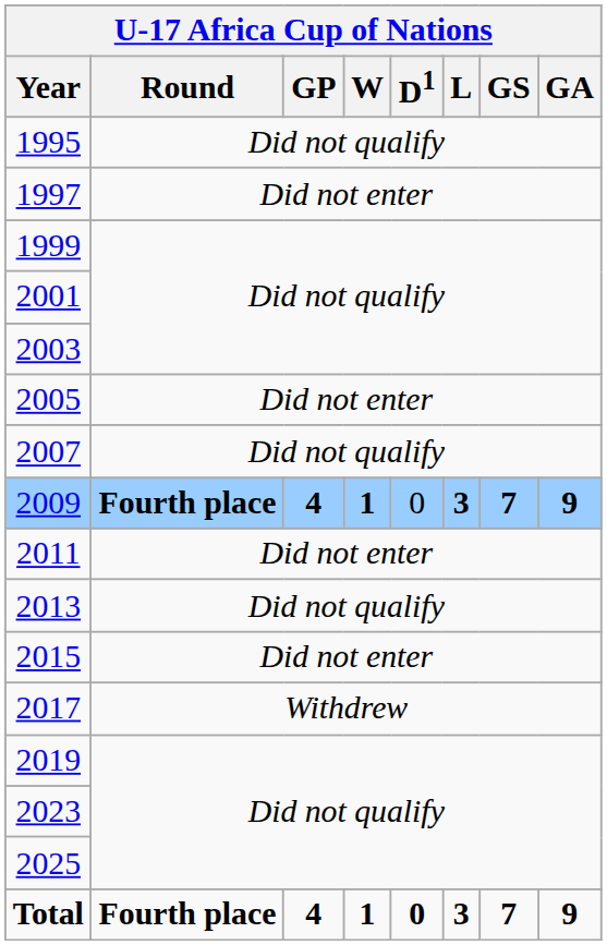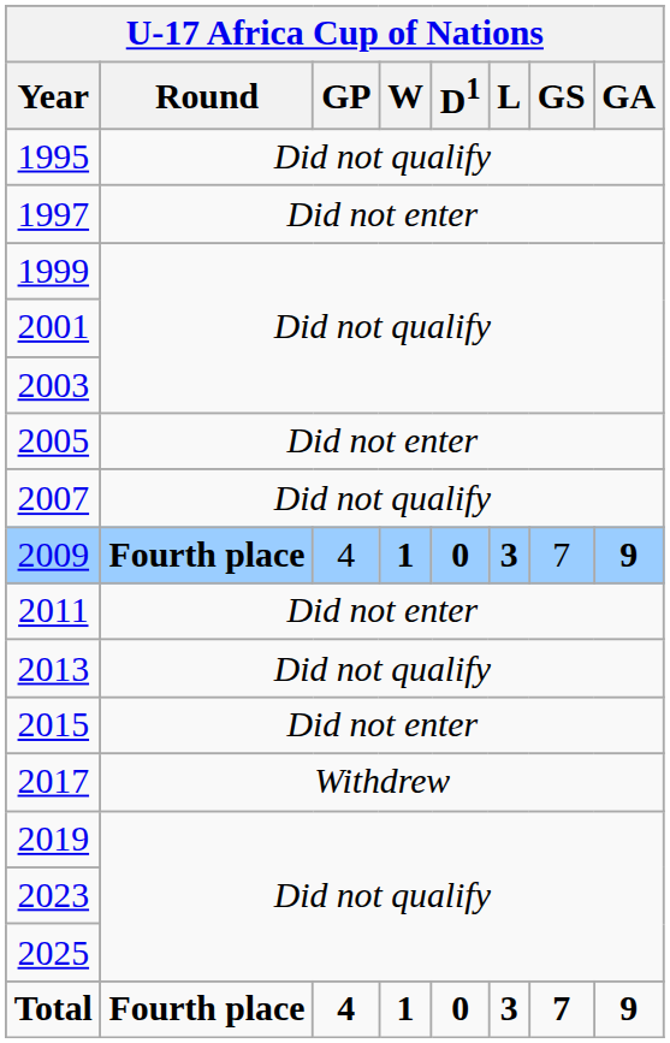 <table class="wikitable" style="text-align: center;">
 <tr>
 <th colspan=8><a href='#'>U-17 Africa Cup of Nations</a></th>
 </tr>
 <tr>
 <th>Year</th>
 <th>Round</th>
 <th>GP</th>
 <th>W</th>
 <th>D<sup>1</sup></th>
 <th>L</th>
 <th>GS</th>
 <th>GA</th>
 </tr>
 <tr>
 <td> <a href='#'>1995</a></td>
 <td colspan=7><em>Did not qualify</em></td>
 </tr>
 <tr>
 <td> <a href='#'>1997</a></td>
 <td colspan=7><em>Did not enter</em></td>
 </tr>
 <tr>
 <td> <a href='#'>1999</a></td>
 <td colspan=7 rowspan=3><em>Did not qualify</em></td>
 </tr>
 <tr>
 <td> <a href='#'>2001</a></td>
 </tr>
 <tr>
 <td> <a href='#'>2003</a></td>
 </tr>
 <tr>
 <td> <a href='#'>2005</a></td>
 <td colspan=7><em>Did not enter</em></td>
 </tr>
 <tr>
 <td> <a href='#'>2007</a></td>
 <td colspan=7><em>Did not qualify</em></td>
 </tr>
 <tr bgcolor=#9acdff>
 <td> <a href='#'>2009</a></td>
 <td><strong>Fourth place</strong></td>
-<td><strong>4</strong></td>
+<td>4</td>
 <td><strong>1</strong></td>
-<td>0</td>
+<td><strong>0</strong></td>
 <td><strong>3</strong></td>
-<td><strong>7</strong></td>
+<td>7</td>
 <td><strong>9</strong></td>
 </tr>
 <tr>
 <td> <a href='#'>2011</a></td>
 <td colspan=7><em>Did not enter</em></td>
 </tr>
 <tr>
 <td> <a href='#'>2013</a></td>
 <td colspan=7><em>Did not qualify</em></td>
 </tr>
 <tr>
 <td> <a href='#'>2015</a></td>
 <td colspan=7><em>Did not enter</em></td>
 </tr>
 <tr>
 <td> <a href='#'>2017</a></td>
 <td colspan=7><em>Withdrew</em></td>
 </tr>
 <tr>
 <td> <a href='#'>2019</a></td>
 <td colspan=7 rowspan=3><em>Did not qualify</em></td>
 </tr>
 <tr>
 <td> <a href='#'>2023</a></td>
 </tr>
 <tr>
 <td> <a href='#'>2025</a></td>
 </tr>
 <tr>
 <td><strong>Total</strong></td>
 <td><strong>Fourth place</strong></td>
 <td><strong>4</strong></td>
 <td><strong>1</strong></td>
 <td><strong>0</strong></td>
 <td><strong>3</strong></td>
 <td><strong>7</strong></td>
 <td><strong>9</strong></td>
 </tr>
 </table>
